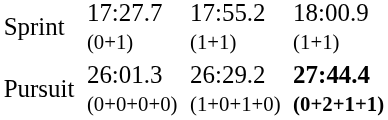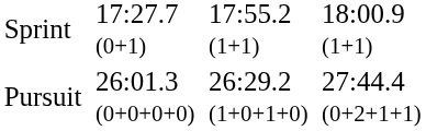 <table>
 <tr>
 <td>Sprint<br></td>
 <td></td>
 <td>17:27.7<br><small>(0+1)</small></td>
 <td></td>
 <td>17:55.2<br><small>(1+1)</small></td>
 <td></td>
 <td>18:00.9<br><small>(1+1)</small></td>
 </tr>
 <tr>
 <td>Pursuit<br></td>
 <td></td>
 <td>26:01.3<br><small>(0+0+0+0)</small></td>
 <td></td>
 <td>26:29.2<br><small>(1+0+1+0)</small></td>
 <td></td>
-<td><strong>27:44.4<br><small>(0+2+1+1)</small></strong></td>
+<td>27:44.4<br><small>(0+2+1+1)</small></td>
 </tr>
 </table>
